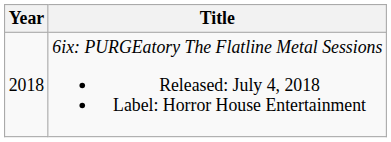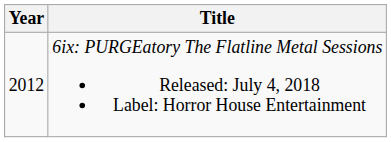 <table class="wikitable" style="text-align:center;">
 <tr>
 <th>Year</th>
 <th>Title</th>
 </tr>
 <tr>
-<td>2018</td>
+<td>2012</td>
 <td><em>6ix: PURGEatory The Flatline Metal Sessions</em><br><ul><li>Released: July 4, 2018</li><li>Label: Horror House Entertainment</li></ul></td>
 </tr>
 </table>
